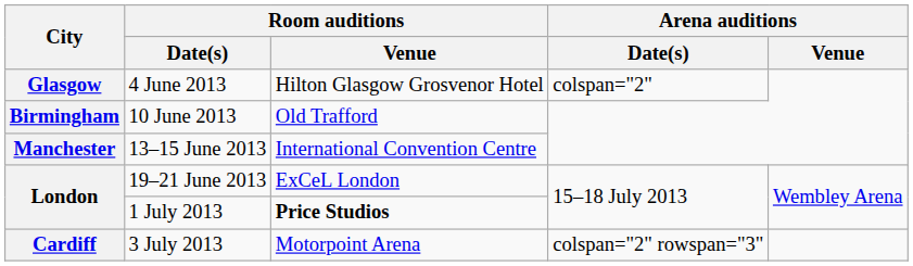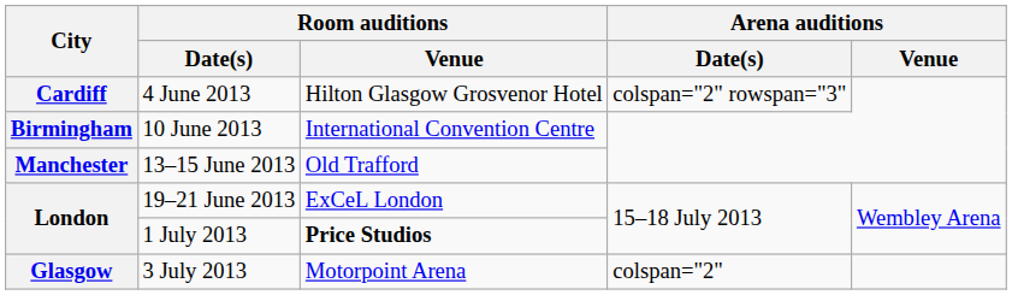 <table class="wikitable plainrowheaders">
 <tr>
 <th rowspan="2" scope="col">City</th>
 <th colspan="2">Room auditions</th>
 <th colspan="2">Arena auditions</th>
 </tr>
 <tr>
 <th scope="col">Date(s)</th>
 <th scope="col">Venue</th>
 <th scope="col">Date(s)</th>
 <th scope="col">Venue</th>
 </tr>
 <tr>
-<th scope="row"><a href='#'>Glasgow</a></th>
+<th scope="row"><a href='#'>Cardiff</a></th>
 <td>4 June 2013</td>
 <td>Hilton Glasgow Grosvenor Hotel</td>
-<td>colspan="2" </td>
+<td>colspan="2" rowspan="3" </td>
 </tr>
 <tr>
 <th scope="row"><a href='#'>Birmingham</a></th>
 <td>10 June 2013</td>
-<td><a href='#'>Old Trafford</a></td>
+<td><a href='#'>International Convention Centre</a></td>
 </tr>
 <tr>
 <th scope="row"><a href='#'>Manchester</a></th>
 <td>13–15 June 2013</td>
-<td><a href='#'>International Convention Centre</a></td>
+<td><a href='#'>Old Trafford</a></td>
 </tr>
 <tr>
 <th scope="row" rowspan="2">London</th>
 <td>19–21 June 2013</td>
 <td><a href='#'>ExCeL London</a></td>
 <td rowspan="2">15–18 July 2013</td>
 <td rowspan="2"><a href='#'>Wembley Arena</a></td>
 </tr>
 <tr>
 <td>1 July 2013</td>
 <td><strong>Price Studios</strong></td>
 </tr>
 <tr>
-<th scope="row"><a href='#'>Cardiff</a></th>
+<th scope="row"><a href='#'>Glasgow</a></th>
 <td>3 July 2013</td>
 <td><a href='#'>Motorpoint Arena</a></td>
-<td>colspan="2" rowspan="3" </td>
+<td>colspan="2" </td>
 </tr>
 </table>
